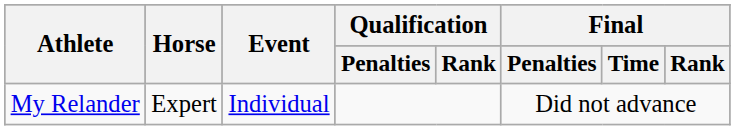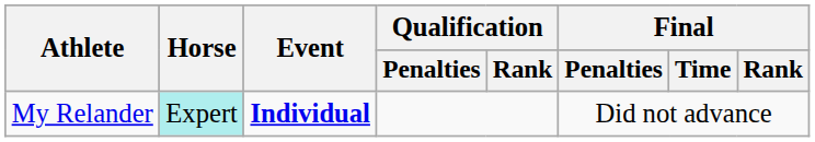 <table class="wikitable" style="font-size:90%">
 <tr>
 <th rowspan="2">Athlete</th>
 <th rowspan="2">Horse</th>
 <th rowspan="2">Event</th>
 <th colspan="2">Qualification</th>
 <th colspan="3">Final</th>
 </tr>
 <tr style="font-size:95%">
 <th>Penalties</th>
 <th>Rank</th>
 <th>Penalties</th>
 <th>Time</th>
 <th>Rank</th>
 </tr>
 <tr align="center">
 <td align="left"><a href='#'>My Relander</a></td>
-<td align="left">Expert</td>
-<td align="left"><a href='#'>Individual</a></td>
+<td align="left" style="background: paleturquoise;">Expert</td>
+<td align="left"><strong><a href='#'>Individual</a></strong></td>
 <td colspan=2></td>
 <td colspan=3>Did not advance</td>
 </tr>
 </table>
